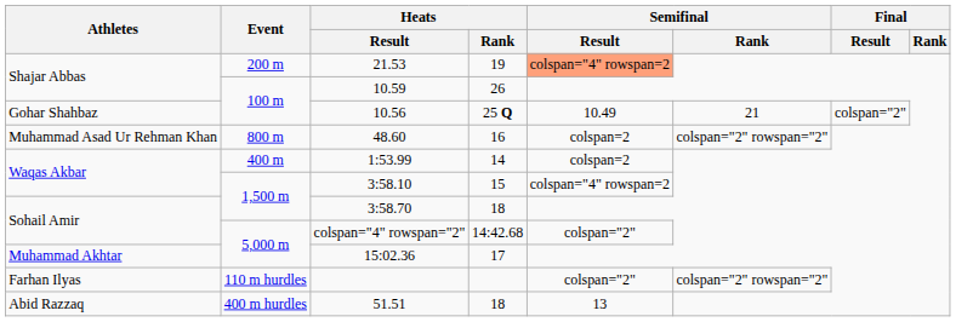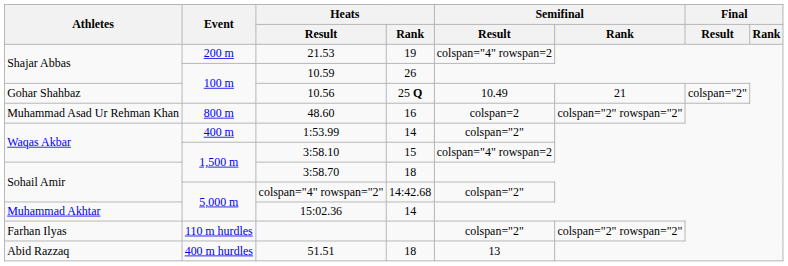 <table class=wikitable style="text-align:center; font-size:90%">
 <tr>
 <th rowspan=2>Athletes</th>
 <th rowspan=2>Event</th>
 <th colspan=2>Heats</th>
 <th colspan=2>Semifinal</th>
 <th colspan=2>Final</th>
 </tr>
 <tr>
 <th>Result</th>
 <th>Rank</th>
 <th>Result</th>
 <th>Rank</th>
 <th>Result</th>
 <th>Rank</th>
 </tr>
 <tr>
 <td align=left rowspan=2>Shajar Abbas</td>
 <td rowspan=1><a href='#'>200 m</a></td>
 <td>21.53</td>
 <td>19</td>
-<td style="background: lightsalmon;">colspan="4" rowspan=2</td>
+<td>colspan="4" rowspan=2</td>
 </tr>
 <tr>
 <td rowspan=2><a href='#'>100 m</a></td>
 <td>10.59</td>
 <td>26</td>
 </tr>
 <tr>
 <td style="text-align:left">Gohar Shahbaz</td>
 <td>10.56 <strong></strong></td>
 <td>25 <strong>Q</strong></td>
 <td>10.49 <strong></strong></td>
 <td>21</td>
 <td>colspan="2" </td>
 </tr>
 <tr>
 <td style="text-align:left">Muhammad Asad Ur Rehman Khan</td>
 <td rowspan=1><a href='#'>800 m</a></td>
 <td>48.60</td>
 <td>16</td>
 <td>colspan=2 </td>
 <td>colspan="2" rowspan="2" </td>
 </tr>
 <tr>
 <td align=left rowspan=2><a href='#'>Waqas Akbar</a></td>
 <td><a href='#'>400 m</a></td>
 <td>1:53.99</td>
 <td>14</td>
-<td>colspan=2 </td>
+<td>colspan="2" </td>
 </tr>
 <tr>
 <td rowspan="2"><a href='#'>1,500 m</a></td>
 <td>3:58.10</td>
 <td>15</td>
 <td>colspan="4" rowspan=2</td>
 </tr>
 <tr>
 <td rowspan="2" style="text-align:left">Sohail Amir</td>
 <td>3:58.70</td>
 <td>18</td>
 </tr>
 <tr>
 <td rowspan="2"><a href='#'>5,000 m</a></td>
 <td>colspan="4" rowspan="2" </td>
 <td>14:42.68</td>
 <td>colspan="2" </td>
 </tr>
 <tr>
 <td style="text-align:left"><a href='#'>Muhammad Akhtar</a></td>
 <td>15:02.36</td>
-<td>17</td>
+<td>14</td>
 </tr>
 <tr>
 <td style="text-align:left">Farhan Ilyas</td>
 <td><a href='#'>110 m hurdles</a></td>
 <td></td>
 <td></td>
 <td>colspan="2" </td>
 <td>colspan="2" rowspan="2" </td>
 </tr>
 <tr>
 <td style="text-align:left">Abid Razzaq</td>
 <td><a href='#'>400 m hurdles</a></td>
 <td>51.51</td>
 <td>18</td>
 <td>13</td>
 </tr>
 </table>
